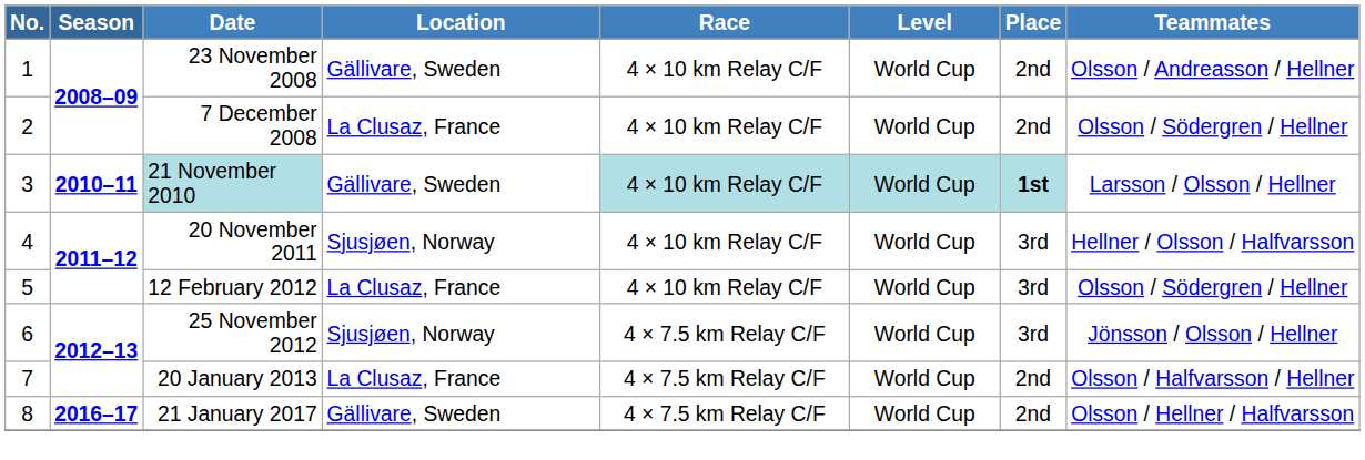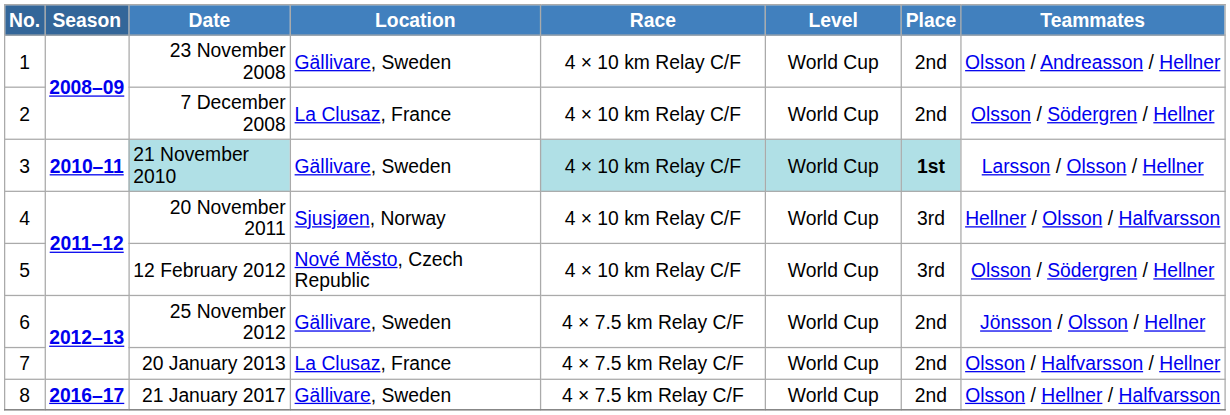 <table class="wikitable sortable" style="font-size:95%; text-align:center; border:grey solid 1px; border-collapse:collapse; background:#ffffff;">
 <tr style="background:#efefef;">
 <th style="background-color:#369; color:white;">No.</th>
 <th style="background-color:#369; color:white;">Season</th>
 <th style="background-color:#4180be; color:white; width:120px;">Date</th>
 <th style="background-color:#4180be; color:white; width:190px;">Location</th>
 <th style="background-color:#4180be; color:white; width:170px;">Race</th>
 <th style="background-color:#4180be; color:white; width:100px;">Level</th>
 <th style="background-color:#4180be; color:white;">Place</th>
 <th style="background-color:#4180be; color:white;">Teammates</th>
 </tr>
 <tr>
 <td align=center>1</td>
 <td rowspan=2 align=center><strong><a href='#'>2008–09</a></strong></td>
 <td align=right>23 November 2008</td>
 <td align=left> <a href='#'>Gällivare</a>, Sweden</td>
 <td>4 × 10 km Relay C/F</td>
 <td>World Cup</td>
 <td>2nd</td>
 <td><a href='#'>Olsson</a> / <a href='#'>Andreasson</a> / <a href='#'>Hellner</a></td>
 </tr>
 <tr>
 <td align=center>2</td>
 <td align=right>7 December 2008</td>
 <td align=left> <a href='#'>La Clusaz</a>, France</td>
 <td>4 × 10 km Relay C/F</td>
 <td>World Cup</td>
 <td>2nd</td>
 <td><a href='#'>Olsson</a> / <a href='#'>Södergren</a> / <a href='#'>Hellner</a></td>
 </tr>
 <tr>
 <td align=center>3</td>
 <td rowspan=1 align=center><strong><a href='#'>2010–11</a></strong></td>
 <td align=left bgcolor="#BOEOE6" align=right>21 November 2010</td>
 <td align=left> <a href='#'>Gällivare</a>, Sweden</td>
 <td bgcolor="#BOEOE6" align=center>4 × 10 km Relay C/F</td>
 <td bgcolor="#BOEOE6">World Cup</td>
 <td bgcolor="#BOEOE6"><strong>1st</strong></td>
 <td><a href='#'>Larsson</a> / <a href='#'>Olsson</a> / <a href='#'>Hellner</a></td>
 </tr>
 <tr>
 <td align=center>4</td>
 <td rowspan=2 align=center><strong><a href='#'>2011–12</a></strong></td>
 <td align=right>20 November 2011</td>
 <td align=left> <a href='#'>Sjusjøen</a>, Norway</td>
 <td>4 × 10 km Relay C/F</td>
 <td>World Cup</td>
 <td>3rd</td>
 <td><a href='#'>Hellner</a> / <a href='#'>Olsson</a> / <a href='#'>Halfvarsson</a></td>
 </tr>
 <tr>
 <td align=center>5</td>
 <td align=right>12 February 2012</td>
-<td align=left> <a href='#'>La Clusaz</a>, France</td>
+<td align=left> <a href='#'>Nové Město</a>, Czech Republic</td>
 <td>4 × 10 km Relay C/F</td>
 <td>World Cup</td>
 <td>3rd</td>
 <td><a href='#'>Olsson</a> / <a href='#'>Södergren</a> / <a href='#'>Hellner</a></td>
 </tr>
 <tr>
 <td align=center>6</td>
 <td rowspan=2 align=center><strong><a href='#'>2012–13</a></strong></td>
 <td align=right>25 November 2012</td>
-<td align=left> <a href='#'>Sjusjøen</a>, Norway</td>
+<td align=left> <a href='#'>Gällivare</a>, Sweden</td>
 <td>4 × 7.5 km Relay C/F</td>
 <td>World Cup</td>
-<td>3rd</td>
+<td>2nd</td>
 <td><a href='#'>Jönsson</a> / <a href='#'>Olsson</a> / <a href='#'>Hellner</a></td>
 </tr>
 <tr>
 <td align=center>7</td>
 <td align=right>20 January 2013</td>
 <td align=left> <a href='#'>La Clusaz</a>, France</td>
 <td>4 × 7.5 km Relay C/F</td>
 <td>World Cup</td>
 <td>2nd</td>
 <td><a href='#'>Olsson</a> / <a href='#'>Halfvarsson</a> / <a href='#'>Hellner</a></td>
 </tr>
 <tr>
 <td align=center>8</td>
 <td rowspan=1 align=center><strong><a href='#'>2016–17</a></strong></td>
 <td align=right>21 January 2017</td>
 <td align=left> <a href='#'>Gällivare</a>, Sweden</td>
 <td>4 × 7.5 km Relay C/F</td>
 <td>World Cup</td>
 <td>2nd</td>
 <td><a href='#'>Olsson</a> / <a href='#'>Hellner</a> / <a href='#'>Halfvarsson</a></td>
 </tr>
 <tr>
 </tr>
 </table>
